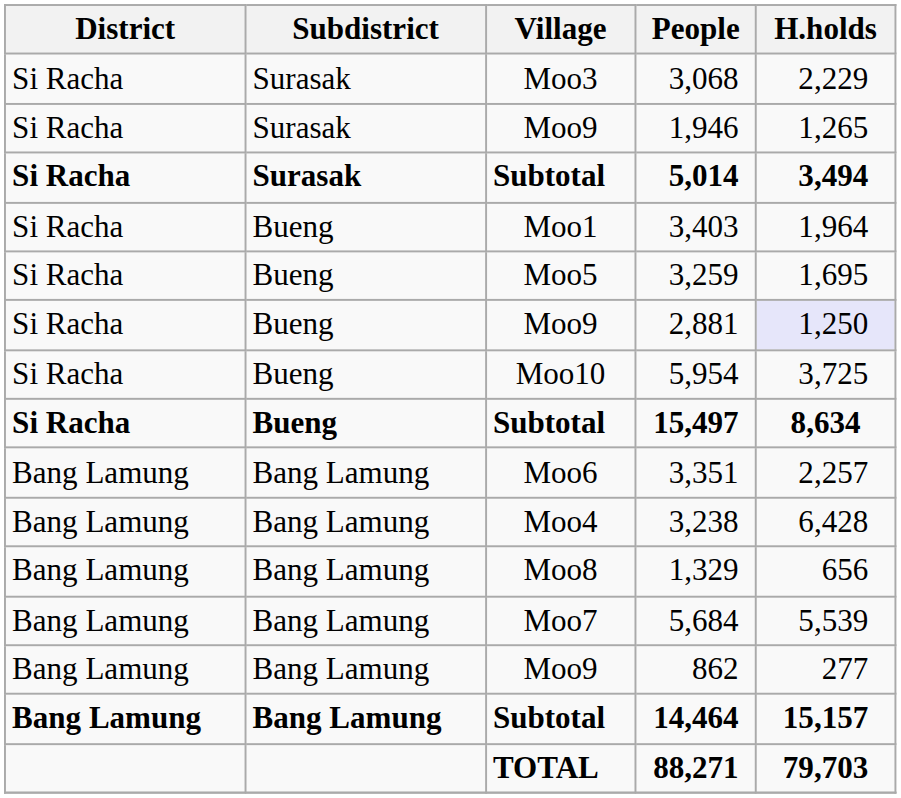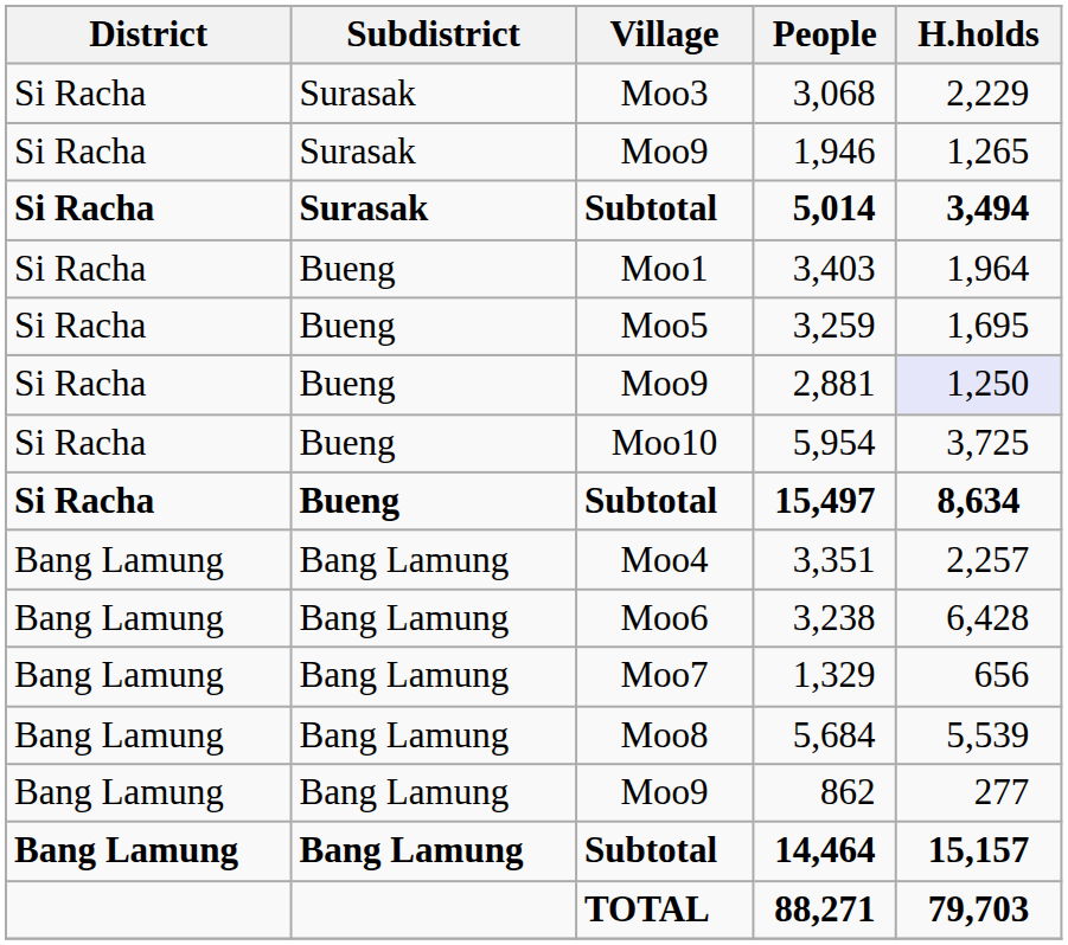 <table class="wikitable" style="width:52%; display:inline-table;">
 <tr>
 <th>District</th>
 <th>Subdistrict</th>
 <th>Village</th>
 <th>People</th>
 <th>H.holds</th>
 </tr>
 <tr>
 <td>Si Racha</td>
 <td>Surasak</td>
 <td style="text-align:center;">Moo3</td>
 <td style="text-align:center;">  3,068</td>
 <td style="text-align:center;">  2,229</td>
 </tr>
 <tr>
 <td>Si Racha</td>
 <td>Surasak</td>
 <td style="text-align:center;">Moo9</td>
 <td style="text-align:center;">  1,946</td>
 <td style="text-align:center;">  1,265</td>
 </tr>
 <tr>
 <td><strong>Si Racha</strong></td>
 <td><strong>Surasak</strong></td>
 <td><strong>Subtotal</strong></td>
 <td style="text-align:center;">  <strong>5,014</strong></td>
 <td style="text-align:center;">  <strong>3,494</strong></td>
 </tr>
 <tr>
 <td>Si Racha</td>
 <td>Bueng</td>
 <td style="text-align:center;">Moo1</td>
 <td style="text-align:center;">  3,403</td>
 <td style="text-align:center;">  1,964</td>
 </tr>
 <tr>
 <td>Si Racha</td>
 <td>Bueng</td>
 <td style="text-align:center;">Moo5</td>
 <td style="text-align:center;">  3,259</td>
 <td style="text-align:center;">  1,695</td>
 </tr>
 <tr>
 <td>Si Racha</td>
 <td>Bueng</td>
 <td style="text-align:center;">Moo9</td>
 <td style="text-align:center;">  2,881</td>
 <td style="background: lavender; text-align:center;">  1,250</td>
 </tr>
 <tr>
 <td>Si Racha</td>
 <td>Bueng</td>
 <td style="text-align:center;">Moo10</td>
 <td style="text-align:center;">  5,954</td>
 <td style="text-align:center;">  3,725</td>
 </tr>
 <tr>
 <td><strong>Si Racha</strong></td>
 <td><strong>Bueng</strong></td>
 <td><strong>Subtotal</strong></td>
 <td style="text-align:center;"><strong>15,497</strong></td>
 <td style="text-align:center;"><strong>8,634</strong></td>
 </tr>
 <tr>
 <td>Bang Lamung</td>
 <td>Bang Lamung</td>
-<td style="text-align:center;">Moo6</td>
+<td style="text-align:center;">Moo4</td>
 <td style="text-align:center;">  3,351</td>
 <td style="text-align:center;">  2,257</td>
 </tr>
 <tr>
 <td>Bang Lamung</td>
 <td>Bang Lamung</td>
-<td style="text-align:center;">Moo4</td>
+<td style="text-align:center;">Moo6</td>
 <td style="text-align:center;">  3,238</td>
 <td style="text-align:center;">  6,428</td>
 </tr>
 <tr>
 <td>Bang Lamung</td>
 <td>Bang Lamung</td>
-<td style="text-align:center;">Moo8</td>
+<td style="text-align:center;">Moo7</td>
 <td style="text-align:center;">  1,329</td>
 <td style="text-align:center;">     656</td>
 </tr>
 <tr>
 <td>Bang Lamung</td>
 <td>Bang Lamung</td>
-<td style="text-align:center;">Moo7</td>
+<td style="text-align:center;">Moo8</td>
 <td style="text-align:center;">  5,684</td>
 <td style="text-align:center;">  5,539</td>
 </tr>
 <tr>
 <td>Bang Lamung</td>
 <td>Bang Lamung</td>
 <td style="text-align:center;">Moo9</td>
 <td style="text-align:center;">     862</td>
 <td style="text-align:center;">     277</td>
 </tr>
 <tr>
 <td><strong>Bang Lamung</strong></td>
 <td><strong>Bang Lamung</strong></td>
 <td><strong>Subtotal</strong></td>
 <td style="text-align:center;"><strong>14,464</strong></td>
 <td style="text-align:center;"><strong>15,157</strong></td>
 </tr>
 <tr>
 <td> </td>
 <td> </td>
 <td><strong>TOTAL</strong></td>
 <td style="text-align:center;"><strong>88,271</strong></td>
 <td style="text-align:center;"><strong>79,703</strong></td>
 </tr>
 <tr>
 </tr>
 </table>
